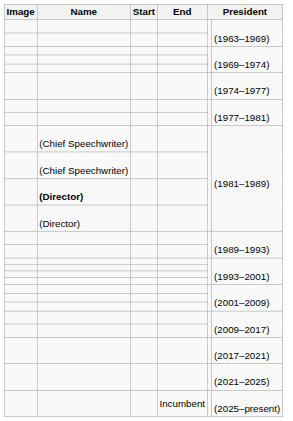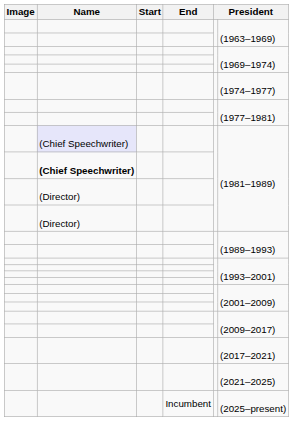 <table class="wikitable sortable">
 <tr>
 <th class=unsortable>Image</th>
 <th>Name</th>
 <th>Start</th>
 <th>End</th>
 <th colspan=2>President</th>
 </tr>
 <tr>
 <td></td>
 <td></td>
 <td></td>
 <td></td>
 <td rowspan=2 style="background: "></td>
 <td rowspan=2><br>(1963–1969)</td>
 </tr>
 <tr>
 <td></td>
 <td></td>
 <td></td>
 <td></td>
 </tr>
 <tr>
 <td></td>
 <td></td>
 <td></td>
 <td></td>
 <td rowspan=3 style="background: "></td>
 <td rowspan=3><br>(1969–1974)</td>
 </tr>
 <tr>
 <td></td>
 <td></td>
 <td></td>
 <td></td>
 </tr>
 <tr>
 <td></td>
 <td></td>
 <td></td>
 <td></td>
 </tr>
 <tr>
 <td></td>
 <td></td>
 <td></td>
 <td></td>
 <td style="background: "></td>
 <td><br>(1974–1977)</td>
 </tr>
 <tr>
 <td></td>
 <td></td>
 <td></td>
 <td></td>
 <td rowspan=2 style="background: "></td>
 <td rowspan=2><br>(1977–1981)</td>
 </tr>
 <tr>
 <td></td>
 <td></td>
 <td></td>
 <td></td>
 </tr>
 <tr>
 <td></td>
-<td><br>(Chief Speechwriter)</td>
+<td style="background: lavender;"><br>(Chief Speechwriter)</td>
 <td></td>
 <td></td>
 <td rowspan=4 style="background: "></td>
 <td rowspan=4><br>(1981–1989)</td>
 </tr>
 <tr>
 <td></td>
-<td><br>(Chief Speechwriter)</td>
+<td><strong><br>(Chief Speechwriter)</strong></td>
 <td><br></td>
 <td></td>
 </tr>
 <tr>
 <td></td>
-<td><strong><br>(Director)</strong></td>
+<td><br>(Director)</td>
 <td></td>
 <td></td>
 </tr>
 <tr>
 <td></td>
 <td><br>(Director)</td>
 <td></td>
 <td></td>
 </tr>
 <tr>
 <td></td>
 <td></td>
 <td></td>
 <td></td>
 <td rowspan=2 style="background: "></td>
 <td rowspan=2><br>(1989–1993)</td>
 </tr>
 <tr>
 <td></td>
 <td></td>
 <td></td>
 <td></td>
 </tr>
 <tr>
 <td></td>
 <td></td>
 <td></td>
 <td></td>
 <td rowspan=4 style="background: "></td>
 <td rowspan=4><br>(1993–2001)</td>
 </tr>
 <tr>
 <td></td>
 <td></td>
 <td></td>
 <td></td>
 </tr>
 <tr>
 <td></td>
 <td></td>
 <td></td>
 <td></td>
 </tr>
 <tr>
 <td></td>
 <td></td>
 <td></td>
 <td></td>
 </tr>
 <tr>
 <td></td>
 <td></td>
 <td></td>
 <td></td>
 <td rowspan=3 style="background: "></td>
 <td rowspan=3><br>(2001–2009)</td>
 </tr>
 <tr>
 <td></td>
 <td></td>
 <td></td>
 <td></td>
 </tr>
 <tr>
 <td></td>
 <td></td>
 <td></td>
 <td></td>
 </tr>
 <tr>
 <td></td>
 <td></td>
 <td></td>
 <td></td>
 <td rowspan=2 style="background: "></td>
 <td rowspan=2><br>(2009–2017)</td>
 </tr>
 <tr>
 <td></td>
 <td></td>
 <td></td>
 <td></td>
 </tr>
 <tr>
 <td></td>
 <td></td>
 <td></td>
 <td></td>
 <td style="background: "></td>
 <td><br>(2017–2021)</td>
 </tr>
 <tr>
 <td></td>
 <td></td>
 <td></td>
 <td></td>
 <td style="background: "></td>
 <td><br>(2021–2025)</td>
 </tr>
 <tr>
 <td></td>
 <td></td>
 <td></td>
 <td>Incumbent</td>
 <td style="background: "></td>
 <td><br>(2025–present)</td>
 </tr>
 </table>
